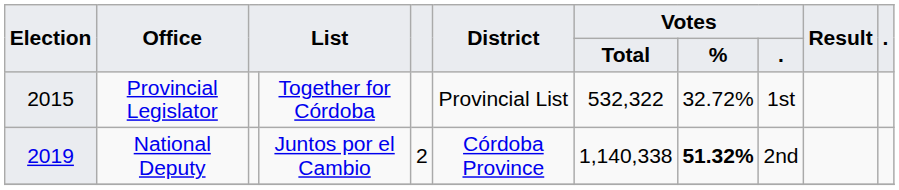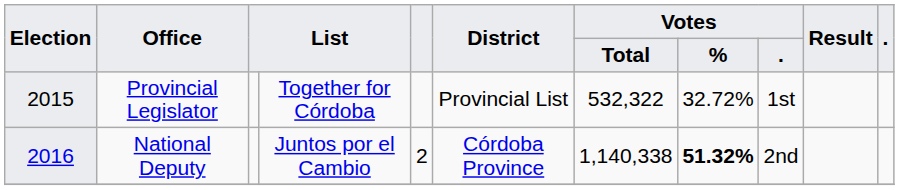 <table class="wikitable" style="font-size:90%; text-align:center;">
 <tr>
 <th style="background-color:#EAECF0;" rowspan=2>Election</th>
 <th style="background-color:#EAECF0;" rowspan=2>Office</th>
 <th style="background-color:#EAECF0;" colspan=2 rowspan=2>List</th>
 <th style="background-color:#EAECF0;" rowspan=2></th>
 <th style="background-color:#EAECF0;" rowspan=2>District</th>
 <th style="background-color:#EAECF0;" colspan=3>Votes</th>
 <th style="background-color:#EAECF0;" rowspan=2>Result</th>
 <th style="background-color:#EAECF0;" rowspan=2>.</th>
 </tr>
 <tr>
 <th style="background-color:#EAECF0;">Total</th>
 <th style="background-color:#EAECF0;">%</th>
 <th style="background-color:#EAECF0;">.</th>
 </tr>
 <tr>
 <td style="background-color:#EAECF0;">2015</td>
 <td><a href='#'>Provincial Legislator</a></td>
 <td style="background-color:"></td>
 <td><a href='#'>Together for Córdoba</a></td>
 <td></td>
 <td>Provincial List</td>
 <td>532,322</td>
 <td>32.72%</td>
 <td>1st</td>
 <td></td>
 <td></td>
 </tr>
 <tr>
-<td style="background-color:#EAECF0;"><a href='#'>2019</a></td>
+<td style="background-color:#EAECF0;"><a href='#'>2016</a></td>
 <td><a href='#'>National Deputy</a></td>
 <td style="background-color:"></td>
 <td><a href='#'>Juntos por el Cambio</a></td>
 <td>2</td>
 <td><a href='#'>Córdoba Province</a></td>
 <td>1,140,338</td>
 <td><strong>51.32%</strong></td>
 <td>2nd</td>
 <td></td>
 <td></td>
 </tr>
 <tr>
 </tr>
 </table>
